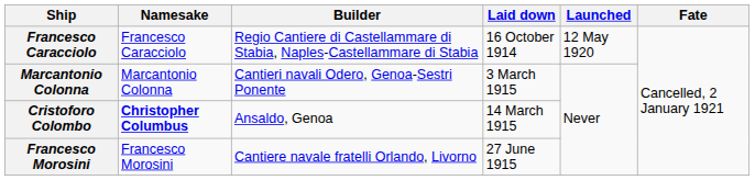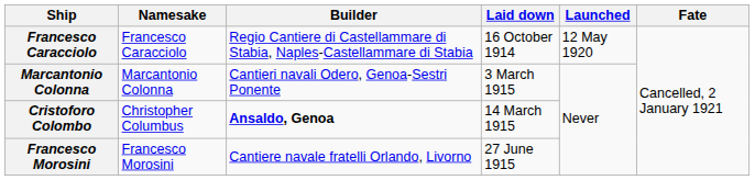 <table class="wikitable plainrowheaders">
 <tr>
 <th scope="col">Ship</th>
 <th scope="col">Namesake</th>
 <th scope="col">Builder</th>
 <th scope="col"><a href='#'>Laid down</a></th>
 <th scope="col"><a href='#'>Launched</a></th>
 <th scope="col">Fate</th>
 </tr>
 <tr>
 <th scope="row"><em>Francesco Caracciolo</em></th>
 <td><a href='#'>Francesco Caracciolo</a></td>
 <td><a href='#'>Regio Cantiere di Castellammare di Stabia</a>, <a href='#'>Naples</a>-<a href='#'>Castellammare di Stabia</a></td>
 <td>16 October 1914</td>
 <td>12 May 1920</td>
 <td rowspan=4>Cancelled, 2 January 1921</td>
 </tr>
 <tr>
 <th scope="row"><em>Marcantonio Colonna</em></th>
 <td><a href='#'>Marcantonio Colonna</a></td>
 <td><a href='#'>Cantieri navali Odero</a>, <a href='#'>Genoa</a>-<a href='#'>Sestri Ponente</a></td>
 <td>3 March 1915</td>
 <td rowspan=3>Never</td>
 </tr>
 <tr>
 <th scope="row"><em>Cristoforo Colombo</em></th>
-<td><strong><a href='#'>Christopher Columbus</a></strong></td>
-<td><a href='#'>Ansaldo</a>, Genoa</td>
+<td><a href='#'>Christopher Columbus</a></td>
+<td><strong><a href='#'>Ansaldo</a>, Genoa</strong></td>
 <td>14 March 1915</td>
 </tr>
 <tr>
 <th scope="row"><em>Francesco Morosini</em></th>
 <td><a href='#'>Francesco Morosini</a></td>
 <td><a href='#'>Cantiere navale fratelli Orlando</a>, <a href='#'>Livorno</a></td>
 <td>27 June 1915</td>
 </tr>
 </table>
